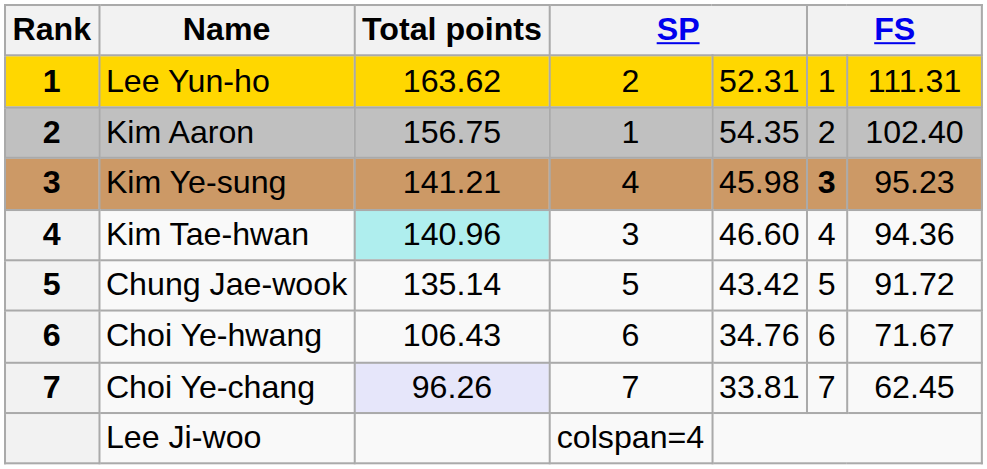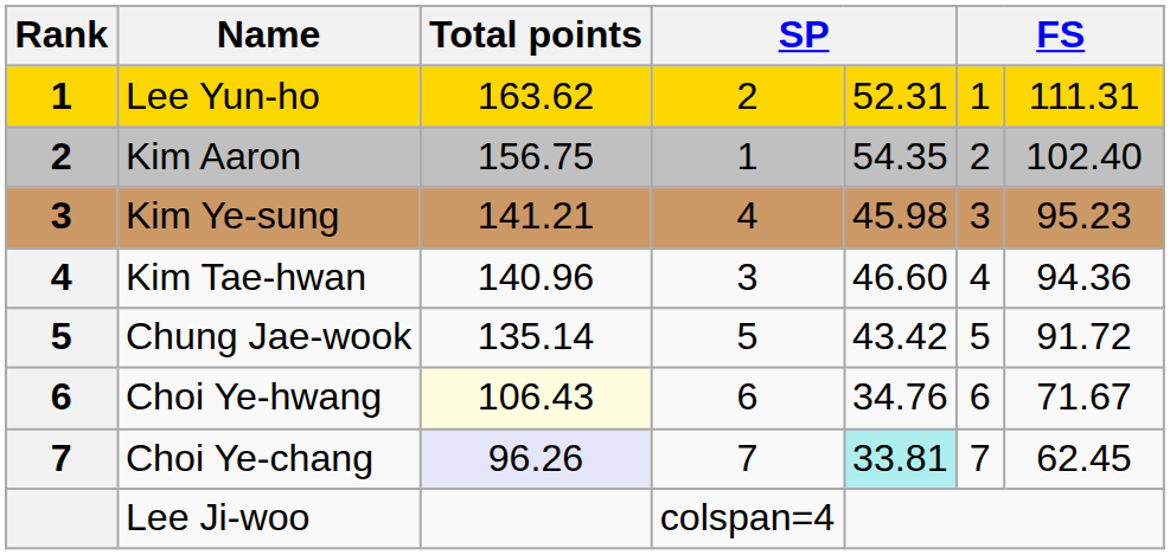 <table class="wikitable sortable">
 <tr>
 <th>Rank</th>
 <th>Name</th>
 <th>Total points</th>
 <th colspan="2" width="80px"><a href='#'>SP</a></th>
 <th colspan="2" width="80px"><a href='#'>FS</a></th>
 </tr>
 <tr bgcolor="gold">
 <td align="center"><strong>1</strong></td>
 <td>Lee Yun-ho</td>
 <td align="center">163.62</td>
 <td align="center">2</td>
 <td align="center">52.31</td>
 <td align="center">1</td>
 <td align="center">111.31</td>
 </tr>
 <tr bgcolor="silver">
 <td align="center"><strong>2</strong></td>
 <td>Kim Aaron</td>
 <td align="center">156.75</td>
 <td align="center">1</td>
 <td align="center">54.35</td>
 <td align="center">2</td>
 <td align="center">102.40</td>
 </tr>
 <tr bgcolor="cc9966">
 <td align="center"><strong>3</strong></td>
 <td>Kim Ye-sung</td>
 <td align="center">141.21</td>
 <td align="center">4</td>
 <td align="center">45.98</td>
-<td align="center"><strong>3</strong></td>
+<td align="center">3</td>
 <td align="center">95.23</td>
 </tr>
 <tr>
 <th>4</th>
 <td>Kim Tae-hwan</td>
-<td align="center" style="background: paleturquoise;">140.96</td>
+<td align="center">140.96</td>
 <td align="center">3</td>
 <td align="center">46.60</td>
 <td align="center">4</td>
 <td align="center">94.36</td>
 </tr>
 <tr>
 <th>5</th>
 <td>Chung Jae-wook</td>
 <td align="center">135.14</td>
 <td align="center">5</td>
 <td align="center">43.42</td>
 <td align="center">5</td>
 <td align="center">91.72</td>
 </tr>
 <tr>
 <th>6</th>
 <td>Choi Ye-hwang</td>
-<td align="center">106.43</td>
+<td align="center" style="background: lightyellow;">106.43</td>
 <td align="center">6</td>
 <td align="center">34.76</td>
 <td align="center">6</td>
 <td align="center">71.67</td>
 </tr>
 <tr>
 <th>7</th>
 <td>Choi Ye-chang</td>
 <td align="center" style="background: lavender;">96.26</td>
 <td align="center">7</td>
-<td align="center">33.81</td>
+<td align="center" style="background: paleturquoise;">33.81</td>
 <td align="center">7</td>
 <td align="center">62.45</td>
 </tr>
 <tr>
 <th></th>
 <td>Lee Ji-woo</td>
 <td></td>
 <td>colspan=4 </td>
 </tr>
 </table>
